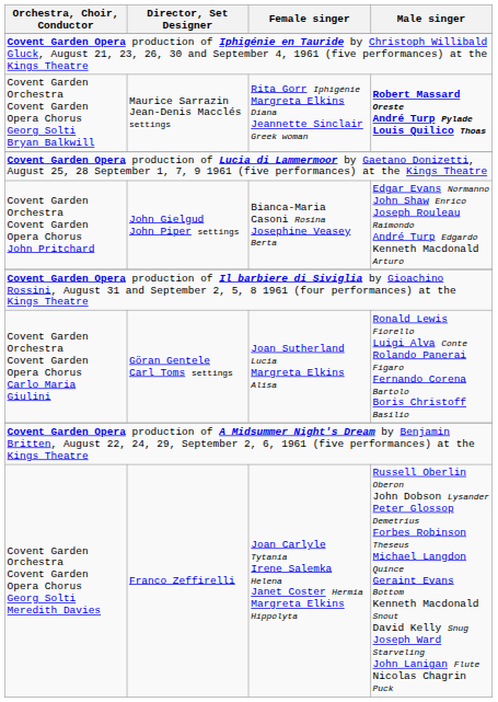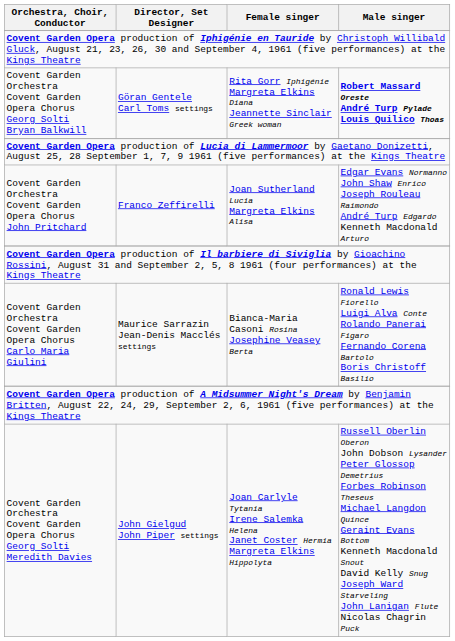 <table class="wikitable toptextcells">
 <tr class="hintergrundfarbe5">
 <th style="width:25%;">Orchestra, Choir, Conductor</th>
 <th style="width:25%;">Director, Set Designer</th>
 <th style="width:25%;">Female singer</th>
 <th style="width:25%;">Male singer</th>
 </tr>
 <tr>
 </tr>
 <tr class="hintergrundfarbe8">
 <td colspan="9"><strong><a href='#'>Covent Garden Opera</a></strong> production of <strong><em><a href='#'>Iphigénie en Tauride</a></em></strong> by <a href='#'>Christoph Willibald Gluck</a>, August 21, 23, 26, 30 and September 4, 1961 (five performances) at the <a href='#'>Kings Theatre</a></td>
 </tr>
 <tr>
 <td>Covent Garden Orchestra<br>Covent Garden Opera Chorus<br><a href='#'>Georg Solti</a><br><a href='#'>Bryan Balkwill</a></td>
-<td>Maurice Sarrazin<br>Jean-Denis Macclés <small>settings</small></td>
+<td><a href='#'>Göran Gentele</a><br><a href='#'>Carl Toms</a> <small>settings</small></td>
 <td><a href='#'>Rita Gorr</a> <small><em>Iphigénie</em></small><br><a href='#'>Margreta Elkins</a> <small><em>Diana</em></small><br><a href='#'>Jeannette Sinclair</a> <small><em>Greek woman</em></small></td>
 <td><strong><a href='#'>Robert Massard</a> <small><em>Oreste</em></small><br><a href='#'>André Turp</a> <small><em>Pylade</em></small><br><a href='#'>Louis Quilico</a> <small><em>Thoas</em></small></strong></td>
 </tr>
 <tr>
 </tr>
 <tr class="hintergrundfarbe8">
 <td colspan="9"><strong><a href='#'>Covent Garden Opera</a></strong> production of <strong><em><a href='#'>Lucia di Lammermoor</a></em></strong> by <a href='#'>Gaetano Donizetti</a>, August 25, 28 September 1, 7, 9 1961 (five performances) at the <a href='#'>Kings Theatre</a></td>
 </tr>
 <tr>
 <td>Covent Garden Orchestra<br>Covent Garden Opera Chorus<br><a href='#'>John Pritchard</a></td>
-<td><a href='#'>John Gielgud</a><br><a href='#'>John Piper</a> <small>settings</small></td>
-<td>Bianca-Maria Casoni <small><em>Rosina</em></small><br><a href='#'>Josephine Veasey</a> <small><em>Berta</em></small></td>
+<td><a href='#'>Franco Zeffirelli</a></td>
+<td><a href='#'>Joan Sutherland</a> <small><em>Lucia</em></small><br><a href='#'>Margreta Elkins</a> <small><em>Alisa</em></small></td>
 <td><a href='#'>Edgar Evans</a> <small><em>Normanno</em></small><br><a href='#'>John Shaw</a> <small><em>Enrico</em></small><br><a href='#'>Joseph Rouleau</a> <small><em>Raimondo</em></small><br><a href='#'>André Turp</a> <small><em>Edgardo</em></small><br>Kenneth Macdonald <small><em>Arturo</em></small></td>
 </tr>
 <tr>
 </tr>
 <tr class="hintergrundfarbe8">
 <td colspan="9"><strong><a href='#'>Covent Garden Opera</a></strong> production of <strong><em><a href='#'>Il barbiere di Siviglia</a></em></strong> by <a href='#'>Gioachino Rossini</a>, August 31 and September 2, 5, 8 1961 (four performances) at the <a href='#'>Kings Theatre</a></td>
 </tr>
 <tr>
 <td>Covent Garden Orchestra<br>Covent Garden Opera Chorus<br><a href='#'>Carlo Maria Giulini</a></td>
-<td><a href='#'>Göran Gentele</a><br><a href='#'>Carl Toms</a> <small>settings</small></td>
-<td><a href='#'>Joan Sutherland</a> <small><em>Lucia</em></small><br><a href='#'>Margreta Elkins</a> <small><em>Alisa</em></small></td>
+<td>Maurice Sarrazin<br>Jean-Denis Macclés <small>settings</small></td>
+<td>Bianca-Maria Casoni <small><em>Rosina</em></small><br><a href='#'>Josephine Veasey</a> <small><em>Berta</em></small></td>
 <td><a href='#'>Ronald Lewis</a> <small><em>Fiorello</em></small><br><a href='#'>Luigi Alva</a> <small><em>Conte</em></small><br><a href='#'>Rolando Panerai</a> <small><em>Figaro</em></small><br><a href='#'>Fernando Corena</a> <small><em>Bartolo</em></small><br><a href='#'>Boris Christoff</a> <small><em>Basilio</em></small></td>
 </tr>
 <tr>
 </tr>
 <tr class="hintergrundfarbe8">
 <td colspan="9"><strong><a href='#'>Covent Garden Opera</a></strong> production of <strong><em><a href='#'>A Midsummer Night's Dream</a></em></strong> by <a href='#'>Benjamin Britten</a>, August 22, 24, 29, September 2, 6, 1961 (five performances) at the <a href='#'>Kings Theatre</a></td>
 </tr>
 <tr>
 <td>Covent Garden Orchestra<br>Covent Garden Opera Chorus<br><a href='#'>Georg Solti</a><br><a href='#'>Meredith Davies</a></td>
-<td><a href='#'>Franco Zeffirelli</a></td>
+<td><a href='#'>John Gielgud</a><br><a href='#'>John Piper</a> <small>settings</small></td>
 <td><a href='#'>Joan Carlyle</a> <small><em>Tytania</em></small><br><a href='#'>Irene Salemka</a> <small><em>Helena</em></small><br><a href='#'>Janet Coster</a> <small><em>Hermia</em></small><br><a href='#'>Margreta Elkins</a> <small><em>Hippolyta</em></small></td>
 <td><a href='#'>Russell Oberlin</a> <small><em>Oberon</em></small><br>John Dobson <small><em>Lysander</em></small><br><a href='#'>Peter Glossop</a> <small><em>Demetrius</em></small><br><a href='#'>Forbes Robinson</a> <small><em>Theseus</em></small><br><a href='#'>Michael Langdon</a> <small><em>Quince</em></small><br><a href='#'>Geraint Evans</a> <small><em>Bottom</em></small><br>Kenneth Macdonald <small><em>Snout</em></small><br>David Kelly <small><em>Snug</em></small><br><a href='#'>Joseph Ward</a> <small><em>Starveling</em></small><br><a href='#'>John Lanigan</a> <small><em>Flute</em></small><br>Nicolas Chagrin <small><em>Puck</em></small></td>
 </tr>
 </table>
